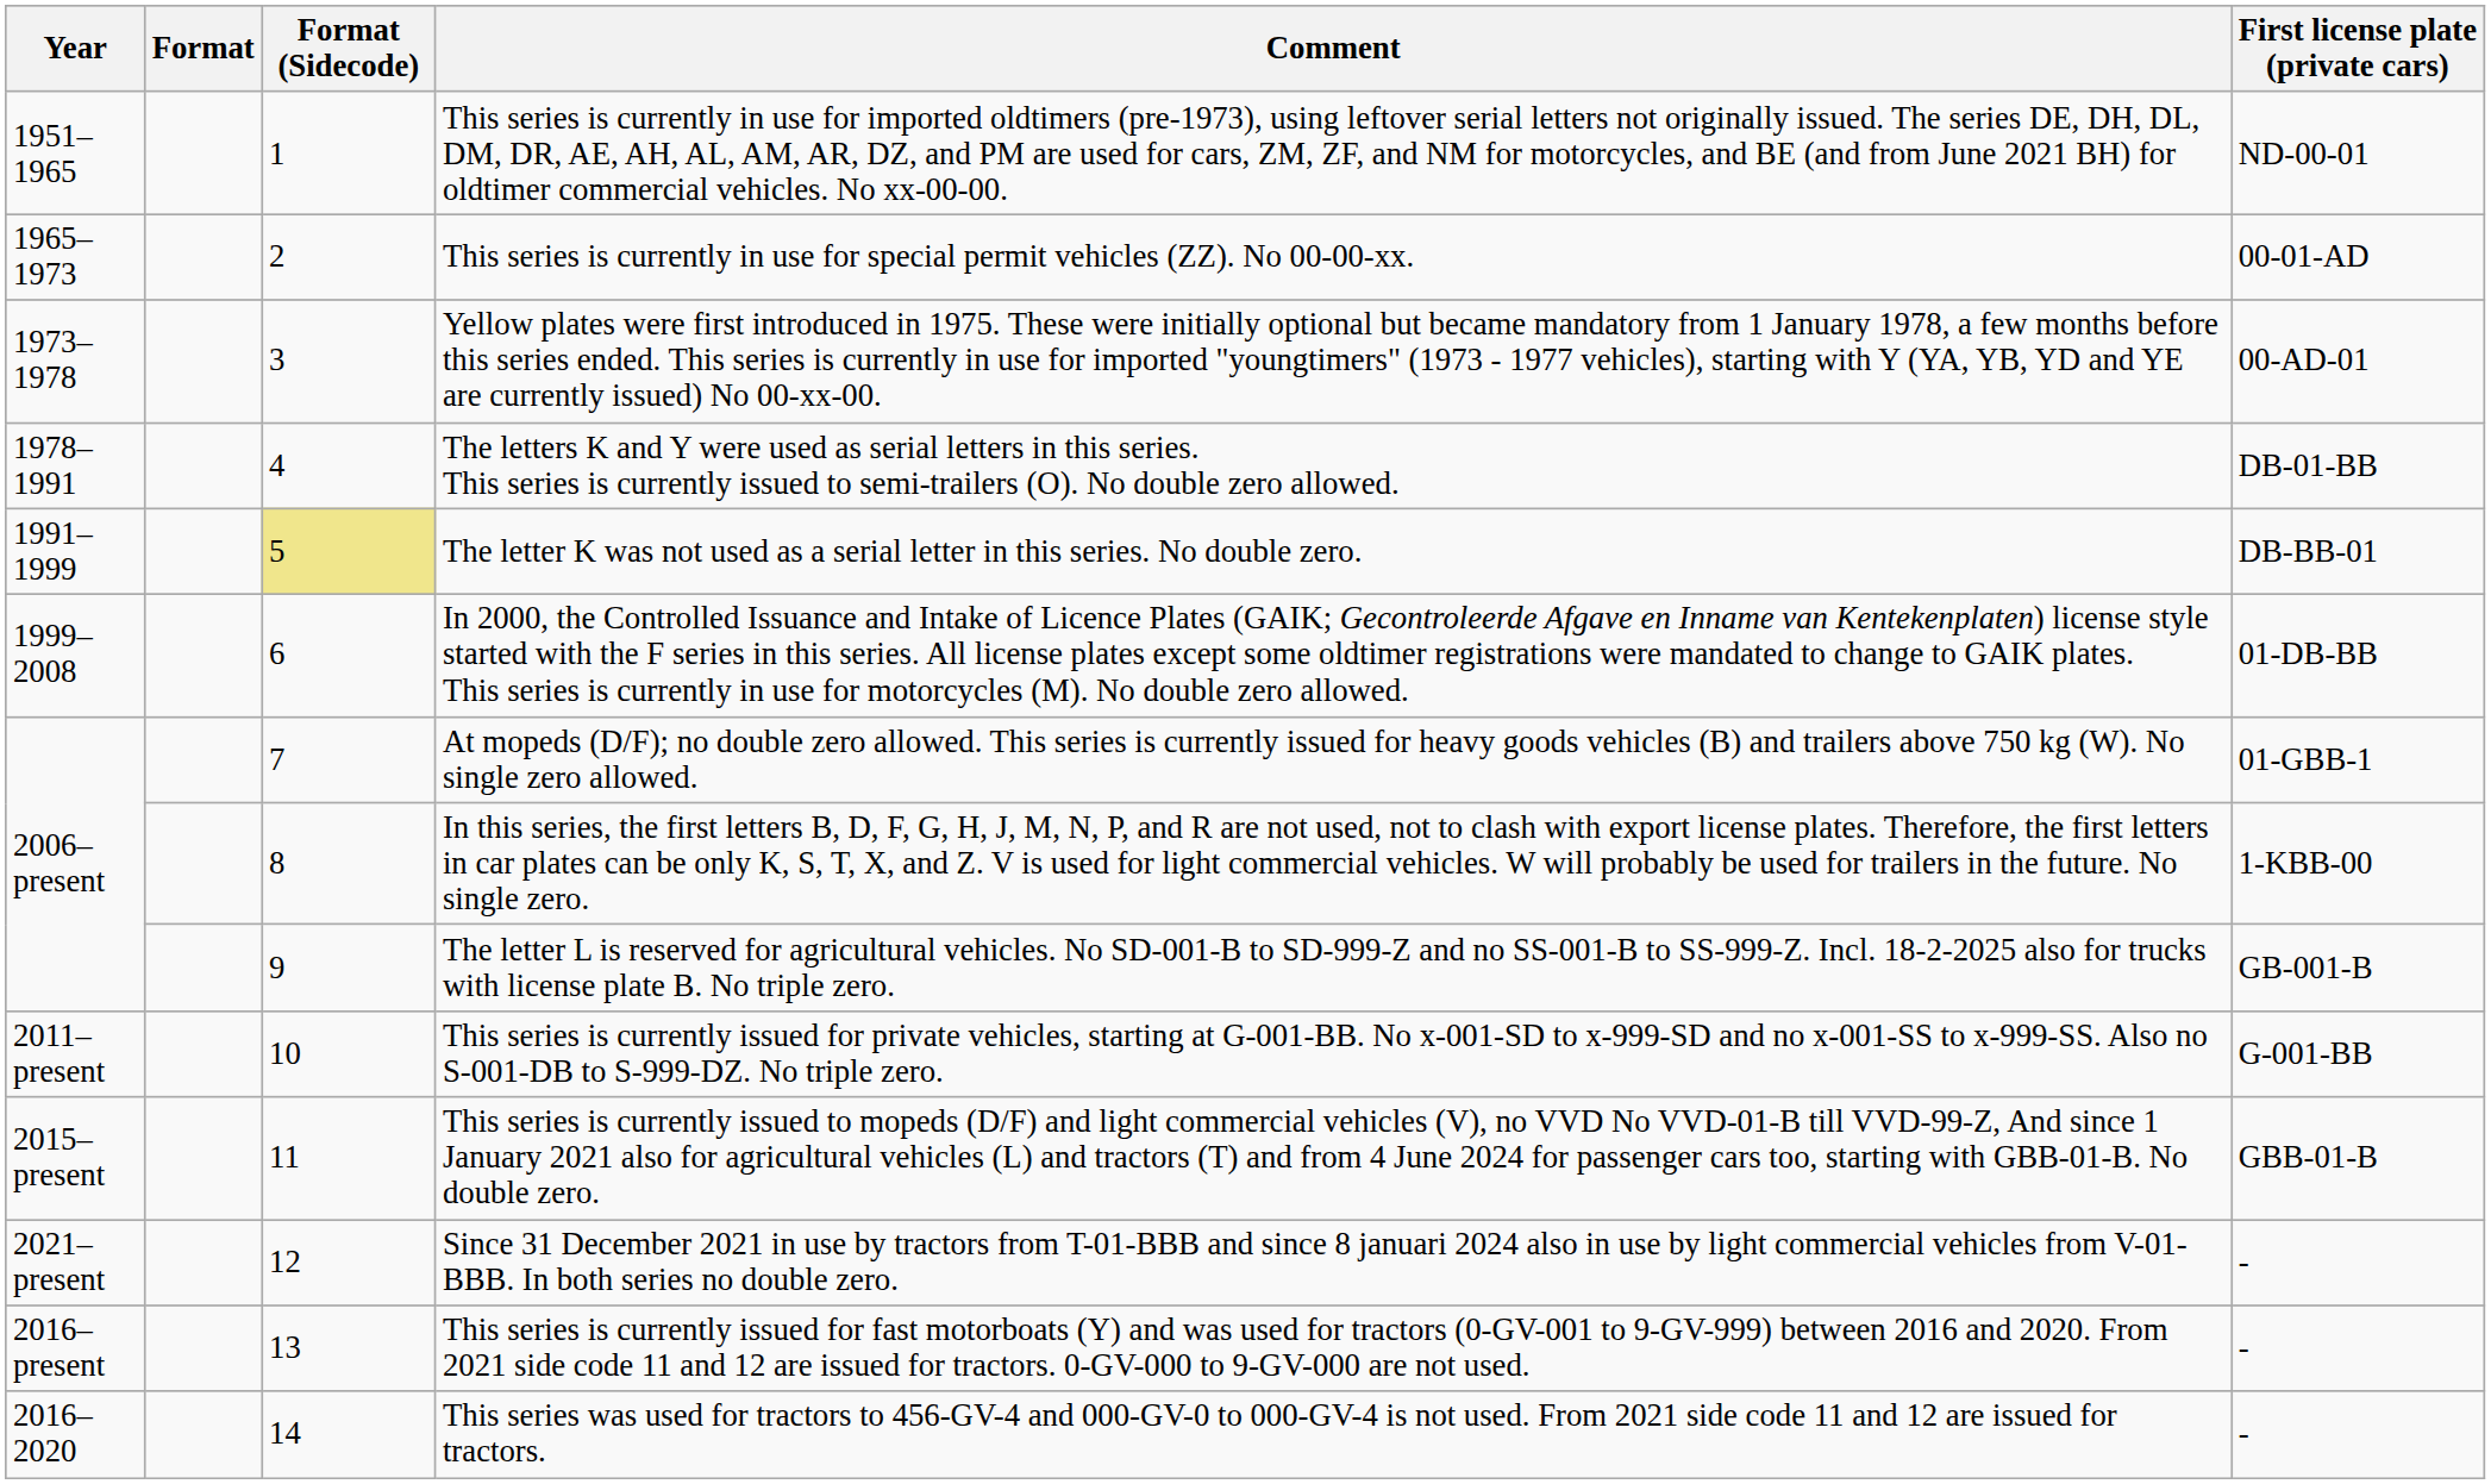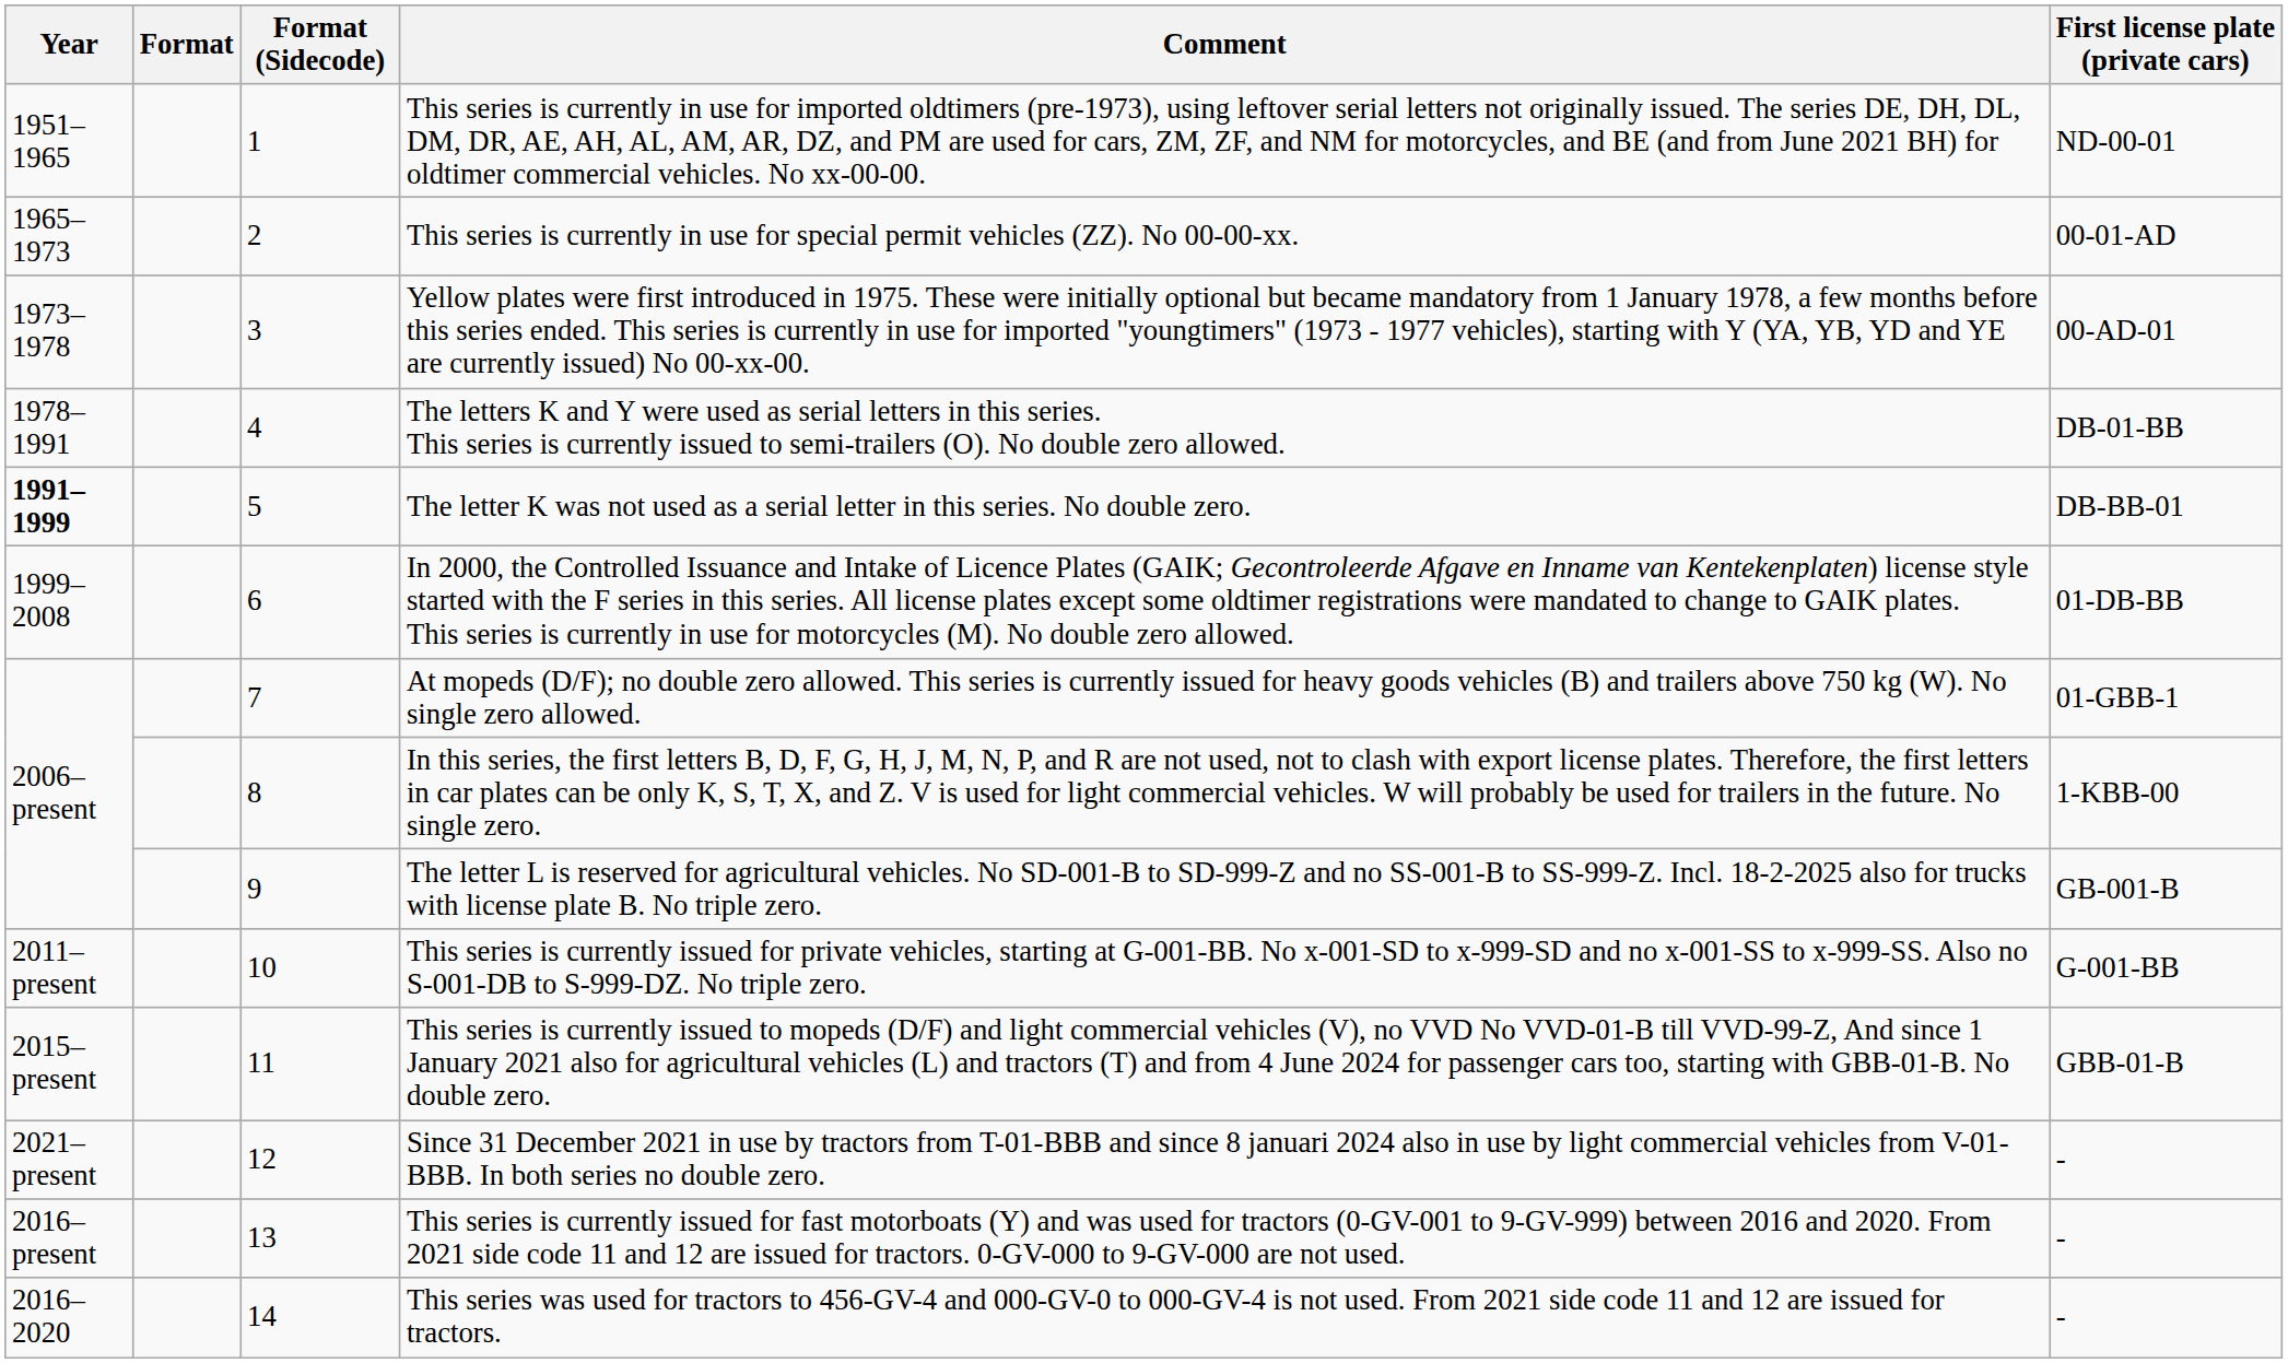 <table class="wikitable">
 <tr>
 <th>Year</th>
 <th>Format</th>
 <th width="80">Format (Sidecode)</th>
 <th>Comment</th>
 <th><strong>First license plate (private cars)</strong></th>
 </tr>
 <tr>
 <td>1951–1965</td>
 <td></td>
 <td>1</td>
 <td>This series is currently in use for imported oldtimers (pre-1973), using leftover serial letters not originally issued. The series DE, DH, DL, DM, DR, AE, AH, AL, AM, AR, DZ, and PM are used for cars, ZM, ZF, and NM for motorcycles, and BE (and from June 2021 BH) for oldtimer commercial vehicles. No xx-00-00.</td>
 <td>ND-00-01</td>
 </tr>
 <tr>
 <td>1965–1973</td>
 <td></td>
 <td>2</td>
 <td>This series is currently in use for special permit vehicles (ZZ). No 00-00-xx.</td>
 <td>00-01-AD</td>
 </tr>
 <tr>
 <td>1973–1978</td>
 <td></td>
 <td>3</td>
 <td>Yellow plates were first introduced in 1975. These were initially optional but became mandatory from 1 January 1978, a few months before this series ended. This series is currently in use for imported "youngtimers" (1973 - 1977 vehicles), starting with Y (YA, YB, YD and YE are currently issued) No 00-xx-00.</td>
 <td>00-AD-01</td>
 </tr>
 <tr>
 <td>1978–1991</td>
 <td></td>
 <td>4</td>
 <td>The letters K and Y were used as serial letters in this series.<br>This series is currently issued to semi-trailers (O). No double zero allowed.</td>
 <td>DB-01-BB</td>
 </tr>
 <tr>
-<td>1991–1999</td>
+<td><strong>1991–1999</strong></td>
 <td></td>
-<td style="background: khaki;">5</td>
+<td>5</td>
 <td>The letter K was not used as a serial letter in this series. No double zero.</td>
 <td>DB-BB-01</td>
 </tr>
 <tr>
 <td>1999–2008</td>
 <td></td>
 <td>6</td>
 <td>In 2000, the Controlled Issuance and Intake of Licence Plates (GAIK; <em>Gecontroleerde Afgave en Inname van Kentekenplaten</em>) license style started with the F series in this series. All license plates except some oldtimer registrations were mandated to change to GAIK plates.<br>This series is currently in use for motorcycles (M). No double zero allowed.</td>
 <td>01-DB-BB</td>
 </tr>
 <tr>
 <td rowspan="3">2006–present</td>
 <td></td>
 <td>7</td>
 <td>At mopeds (D/F); no double zero allowed. This series is currently issued for heavy goods vehicles (B) and trailers above 750 kg (W). No single zero allowed.</td>
 <td>01-GBB-1</td>
 </tr>
 <tr>
 <td></td>
 <td>8</td>
 <td>In this series, the first letters B, D, F, G, H, J, M, N, P, and R are not used, not to clash with export license plates. Therefore, the first letters in car plates can be only K, S, T, X, and Z. V is used for light commercial vehicles. W will probably be used for trailers in the future. No single zero.</td>
 <td>1-KBB-00</td>
 </tr>
 <tr>
 <td></td>
 <td>9</td>
 <td>The letter L is reserved for agricultural vehicles. No SD-001-B to SD-999-Z and no SS-001-B to SS-999-Z. Incl. 18-2-2025 also for trucks with license plate B. No triple zero.</td>
 <td>GB-001-B</td>
 </tr>
 <tr>
 <td>2011–present</td>
 <td></td>
 <td>10</td>
 <td>This series is currently issued for private vehicles, starting at G-001-BB. No x-001-SD to x-999-SD and no x-001-SS to x-999-SS. Also no S-001-DB to S-999-DZ. No triple zero.</td>
 <td>G-001-BB</td>
 </tr>
 <tr>
 <td>2015–present</td>
 <td></td>
 <td>11</td>
 <td>This series is currently issued to mopeds (D/F) and light commercial vehicles (V), no VVD No VVD-01-B till VVD-99-Z, And since 1 January 2021 also for agricultural vehicles (L) and tractors (T) and from 4 June 2024 for passenger cars too, starting with GBB-01-B. No double zero.<br></td>
 <td>GBB-01-B</td>
 </tr>
 <tr>
 <td>2021–present</td>
 <td></td>
 <td>12</td>
 <td>Since 31 December 2021 in use by tractors from T-01-BBB and since 8 januari 2024 also in use by light commercial vehicles from V-01-BBB. In both series no double zero.</td>
 <td>-</td>
 </tr>
 <tr>
 <td>2016–present</td>
 <td></td>
 <td>13</td>
 <td>This series is currently issued for fast motorboats (Y) and was used for tractors (0-GV-001 to 9-GV-999) between 2016 and 2020. From 2021 side code 11 and 12 are issued for tractors. 0-GV-000 to 9-GV-000 are not used.</td>
 <td>-</td>
 </tr>
 <tr>
 <td>2016–2020</td>
 <td></td>
 <td>14</td>
 <td>This series was used for tractors to 456-GV-4 and 000-GV-0 to 000-GV-4 is not used. From 2021 side code 11 and 12 are issued for tractors.</td>
 <td>-</td>
 </tr>
 </table>
